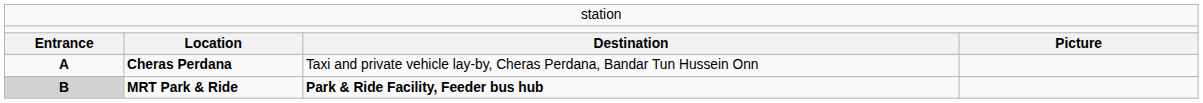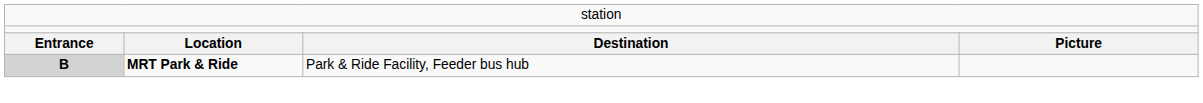 <table class="wikitable" style="width:70%">
 <tr>
 <td colspan="4" align="center"> station</td>
 </tr>
 <tr>
 <td colspan="4" align="center"></td>
 </tr>
 <tr>
 <th style="width:10%">Entrance</th>
 <th style="width:15%">Location</th>
 <th style="width:55%">Destination</th>
 <th style="width:20%">Picture</th>
 </tr>
 <tr>
-<td align="center"><strong><span>A</span></strong></td>
-<td><strong>Cheras Perdana</strong></td>
-<td>Taxi and private vehicle lay-by, Cheras Perdana, Bandar Tun Hussein Onn</td>
-<td></td>
-</tr>
-<tr>
 <td align="center" style="background: lightgrey;"><strong><span>B</span></strong></td>
 <td><strong>MRT Park & Ride</strong></td>
-<td><strong>Park & Ride Facility, Feeder bus hub</strong></td>
+<td>Park & Ride Facility, Feeder bus hub</td>
 <td></td>
 </tr>
 </table>
